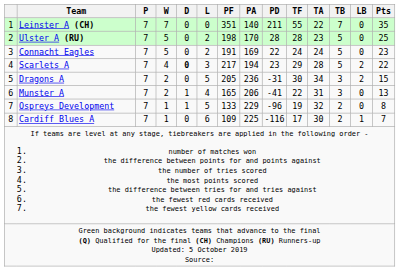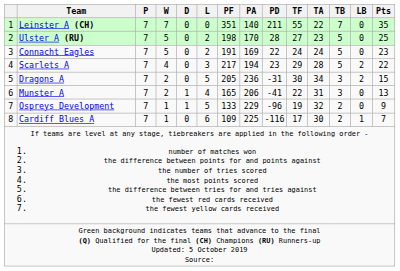 <table class="wikitable" style="text-align:center">
 <tr>
 <th width="15"></th>
 <th style="width:200px">Team</th>
 <th width="30">P</th>
 <th width="30">W</th>
 <th width="30">D</th>
 <th width="30">L</th>
 <th width="30">PF</th>
 <th width="30">PA</th>
 <th width="30">PD</th>
 <th width="30">TF</th>
 <th width="30">TA</th>
 <th width="30">TB</th>
 <th width="30">LB</th>
 <th width="30">Pts</th>
 </tr>
 <tr style="background:#cfc">
 <td>1</td>
 <td align="left">  <a href='#'>Leinster A</a> <strong>(CH)</strong></td>
 <td>7</td>
 <td>7</td>
 <td>0</td>
 <td>0</td>
 <td>351</td>
 <td>140</td>
 <td>211</td>
 <td>55</td>
 <td>22</td>
 <td>7</td>
 <td>0</td>
 <td>35</td>
 </tr>
 <tr style="background:#cfc">
 <td>2</td>
 <td align="left"> <a href='#'>Ulster A</a> <strong>(RU)</strong></td>
 <td>7</td>
 <td>5</td>
 <td>0</td>
 <td>2</td>
 <td>198</td>
 <td>170</td>
 <td>28</td>
-<td>28</td>
+<td>27</td>
 <td>23</td>
 <td>5</td>
 <td>0</td>
 <td>25</td>
 </tr>
 <tr>
 <td>3</td>
 <td align="left">  <a href='#'>Connacht Eagles</a></td>
 <td>7</td>
 <td>5</td>
 <td>0</td>
 <td>2</td>
 <td>191</td>
 <td>169</td>
 <td>22</td>
 <td>24</td>
 <td>24</td>
 <td>5</td>
 <td>0</td>
 <td>23</td>
 </tr>
 <tr>
 <td>4</td>
 <td align="left"> <a href='#'>Scarlets A</a></td>
 <td>7</td>
 <td>4</td>
-<td><strong>0</strong></td>
+<td>0</td>
 <td>3</td>
 <td>217</td>
 <td>194</td>
 <td>23</td>
 <td>29</td>
 <td>28</td>
 <td>5</td>
 <td>2</td>
 <td>22</td>
 </tr>
 <tr>
 <td>5</td>
 <td align="left"> <a href='#'>Dragons A</a></td>
 <td>7</td>
 <td>2</td>
 <td>0</td>
 <td>5</td>
 <td>205</td>
 <td>236</td>
 <td>-31</td>
 <td>30</td>
 <td>34</td>
 <td>3</td>
 <td>2</td>
 <td>15</td>
 </tr>
 <tr>
 <td>6</td>
 <td align="left">  <a href='#'>Munster A</a></td>
 <td>7</td>
 <td>2</td>
 <td>1</td>
 <td>4</td>
 <td>165</td>
 <td>206</td>
 <td>-41</td>
 <td>22</td>
 <td>31</td>
 <td>3</td>
 <td>0</td>
 <td>13</td>
 </tr>
 <tr>
 <td>7</td>
 <td align="left">  <a href='#'>Ospreys Development</a></td>
 <td>7</td>
 <td>1</td>
 <td>1</td>
 <td>5</td>
 <td>133</td>
 <td>229</td>
 <td>-96</td>
 <td>19</td>
 <td>32</td>
 <td>2</td>
 <td>0</td>
-<td>8</td>
+<td>9</td>
 </tr>
 <tr>
 <td>8</td>
 <td align="left"> <a href='#'>Cardiff Blues A</a></td>
 <td>7</td>
 <td>1</td>
 <td>0</td>
 <td>6</td>
 <td>109</td>
 <td>225</td>
 <td>-116</td>
 <td>17</td>
 <td>30</td>
 <td>2</td>
 <td>1</td>
 <td>7</td>
 </tr>
 <tr>
 <td colspan="14"><small>If teams are level at any stage, tiebreakers are applied in the following order -</small><br><ol><li><small>number of matches won</small></li><li><small>the difference between points for and points against</small></li><li><small>the number of tries scored</small></li><li><small>the most points scored</small></li><li><small>the difference between tries for and tries against</small></li><li><small>the fewest red cards received</small></li><li><small>the fewest yellow cards received</small></li></ol></td>
 </tr>
 <tr>
 <td colspan="14" style="border:0px"><small><span>Green background</span> indicates teams that advance to the final<br><strong>(Q)</strong> Qualified for the final <strong>(CH)</strong> Champions <strong>(RU)</strong> Runners-up<br>Updated: 5 October 2019<br>Source: </small></td>
 </tr>
 </table>
